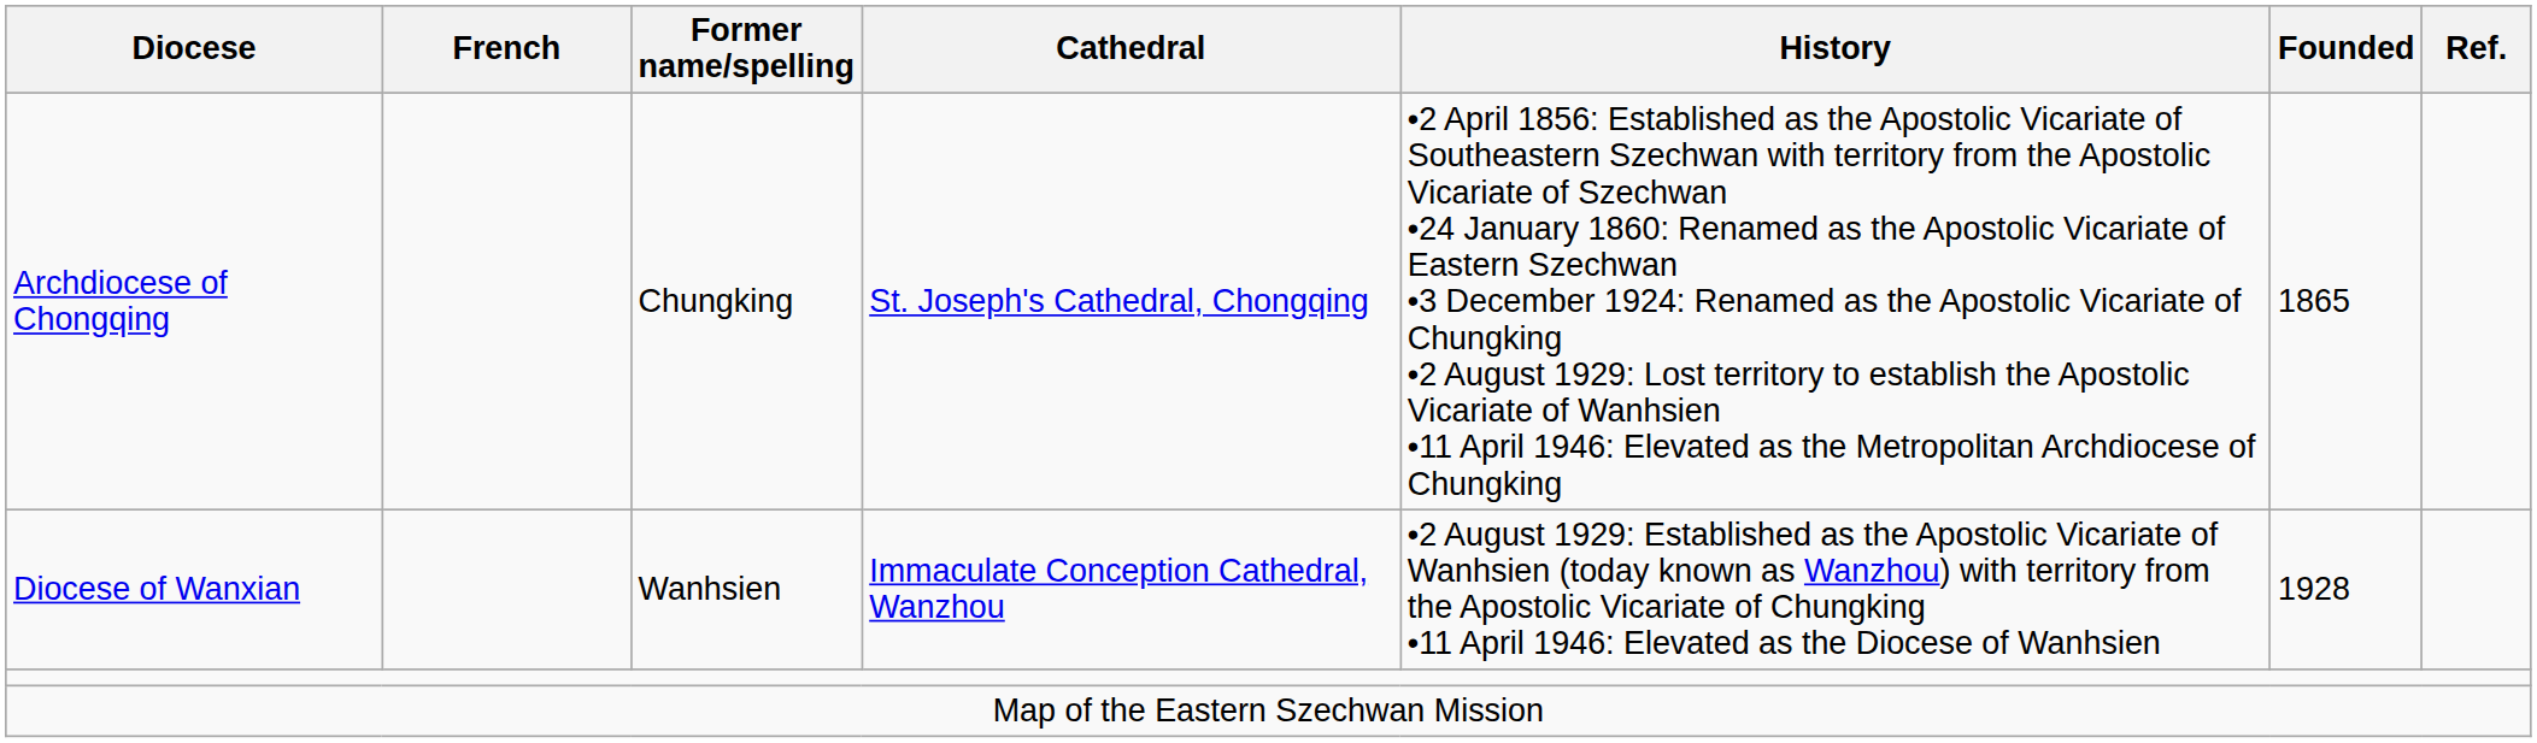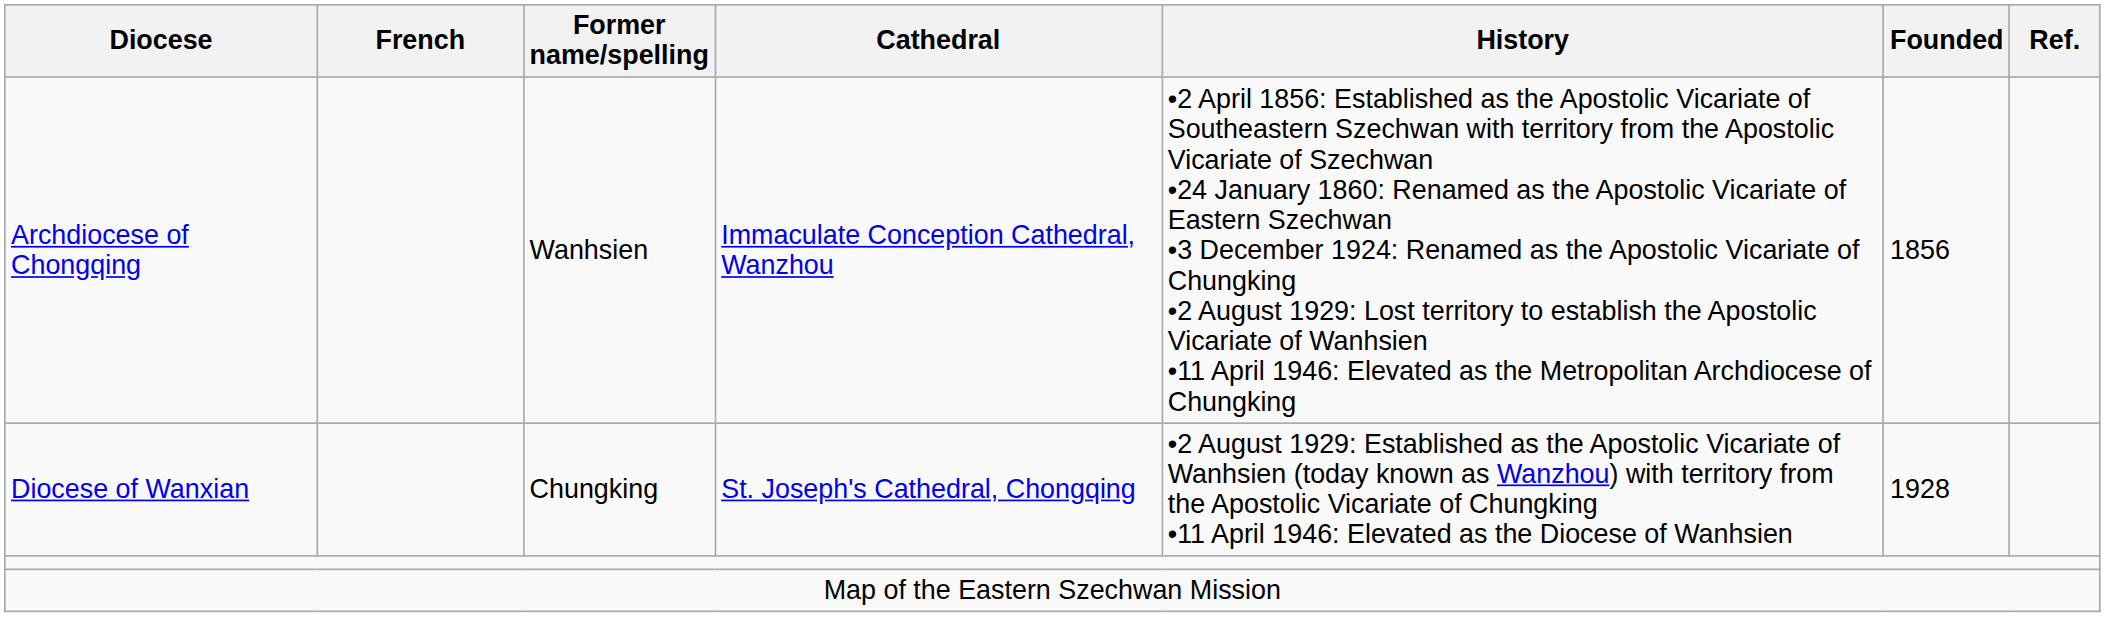 <table class=wikitable>
 <tr>
 <th scope="col" width="200">Diocese</th>
 <th scope="col" width="130">French</th>
 <th scope="col" width="50">Former name/spelling</th>
 <th scope="col" width="300">Cathedral</th>
 <th scope="col" width="500">History</th>
 <th scope="col" width="50">Founded</th>
 <th scope="col" width="50">Ref.</th>
 </tr>
 <tr>
 <td><a href='#'>Archdiocese of Chongqing</a></td>
 <td></td>
-<td>Chungking</td>
-<td><a href='#'>St. Joseph's Cathedral, Chongqing</a></td>
+<td>Wanhsien</td>
+<td><a href='#'>Immaculate Conception Cathedral, Wanzhou</a></td>
 <td>•2 April 1856: Established as the Apostolic Vicariate of Southeastern Szechwan with territory from the Apostolic Vicariate of Szechwan<br>•24 January 1860: Renamed as the Apostolic Vicariate of Eastern Szechwan<br> •3 December 1924: Renamed as the Apostolic Vicariate of Chungking<br> •2 August 1929: Lost territory to establish the Apostolic Vicariate of Wanhsien<br> •11 April 1946: Elevated as the Metropolitan Archdiocese of Chungking</td>
-<td>1865</td>
+<td>1856</td>
 <td></td>
 </tr>
 <tr>
 <td><a href='#'>Diocese of Wanxian</a><br></td>
 <td></td>
-<td>Wanhsien</td>
-<td><a href='#'>Immaculate Conception Cathedral, Wanzhou</a></td>
+<td>Chungking</td>
+<td><a href='#'>St. Joseph's Cathedral, Chongqing</a></td>
 <td>•2 August 1929: Established as the Apostolic Vicariate of Wanhsien (today known as <a href='#'>Wanzhou</a>) with territory from the Apostolic Vicariate of Chungking<br>•11 April 1946: Elevated as the Diocese of Wanhsien</td>
 <td>1928</td>
 <td></td>
 </tr>
 <tr>
 <td colspan=7></td>
 </tr>
 <tr>
 <td colspan=7 style="text-align:center;">Map of the Eastern Szechwan Mission</td>
 </tr>
 </table>
